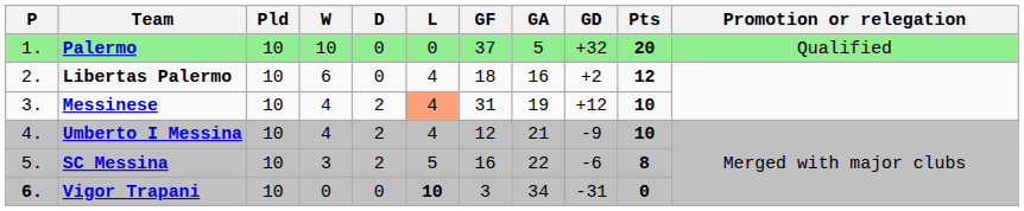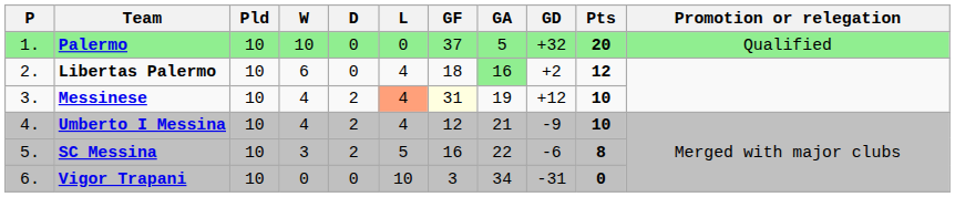 <table class="wikitable sortable" style="text-align: center;">
 <tr>
 <th width=33>P<br></th>
 <th>Team<br></th>
 <th width=33>Pld<br></th>
 <th width=33>W<br></th>
 <th width=33>D<br></th>
 <th width=33>L<br></th>
 <th width=33>GF<br></th>
 <th width=33>GA<br></th>
 <th width=33>GD<br></th>
 <th width=33>Pts<br></th>
 <th class="unsortable" width=250>Promotion or relegation<br></th>
 </tr>
 <tr style="background: #90EE90;">
 <td>1.</td>
 <td align="left"><strong><a href='#'>Palermo</a></strong></td>
 <td>10</td>
 <td>10</td>
 <td>0</td>
 <td>0</td>
 <td>37</td>
 <td>5</td>
 <td>+32</td>
 <td><strong>20</strong></td>
 <td>Qualified</td>
 </tr>
 <tr>
 <td>2.</td>
 <td align="left"><strong>Libertas Palermo</strong></td>
 <td>10</td>
 <td>6</td>
 <td>0</td>
 <td>4</td>
 <td>18</td>
-<td>16</td>
+<td style="background: lightgreen;">16</td>
 <td>+2</td>
 <td><strong>12</strong></td>
 </tr>
 <tr>
 <td>3.</td>
 <td align="left"><strong><a href='#'>Messinese</a></strong></td>
 <td>10</td>
 <td>4</td>
 <td>2</td>
 <td style="background: lightsalmon;">4</td>
-<td>31</td>
+<td style="background: lightyellow;">31</td>
 <td>19</td>
 <td>+12</td>
 <td><strong>10</strong></td>
 </tr>
 <tr style="background: silver">
 <td>4.</td>
 <td align="left"><strong><a href='#'>Umberto I Messina</a></strong></td>
 <td>10</td>
 <td>4</td>
 <td>2</td>
 <td>4</td>
 <td>12</td>
 <td>21</td>
 <td>-9</td>
 <td><strong>10</strong></td>
 <td rowspan=3>Merged with major clubs</td>
 </tr>
 <tr style="background: silver">
 <td>5.</td>
 <td align="left"><strong><a href='#'>SC Messina</a></strong></td>
 <td>10</td>
 <td>3</td>
 <td>2</td>
 <td>5</td>
 <td>16</td>
 <td>22</td>
 <td>-6</td>
 <td><strong>8</strong></td>
 </tr>
 <tr style="background: silver">
-<td><strong>6.</strong></td>
+<td>6.</td>
 <td align="left"><strong><a href='#'>Vigor Trapani</a></strong></td>
 <td>10</td>
 <td>0</td>
 <td>0</td>
-<td><strong>10</strong></td>
+<td>10</td>
 <td>3</td>
 <td>34</td>
 <td>-31</td>
 <td><strong>0</strong></td>
 </tr>
 </table>
